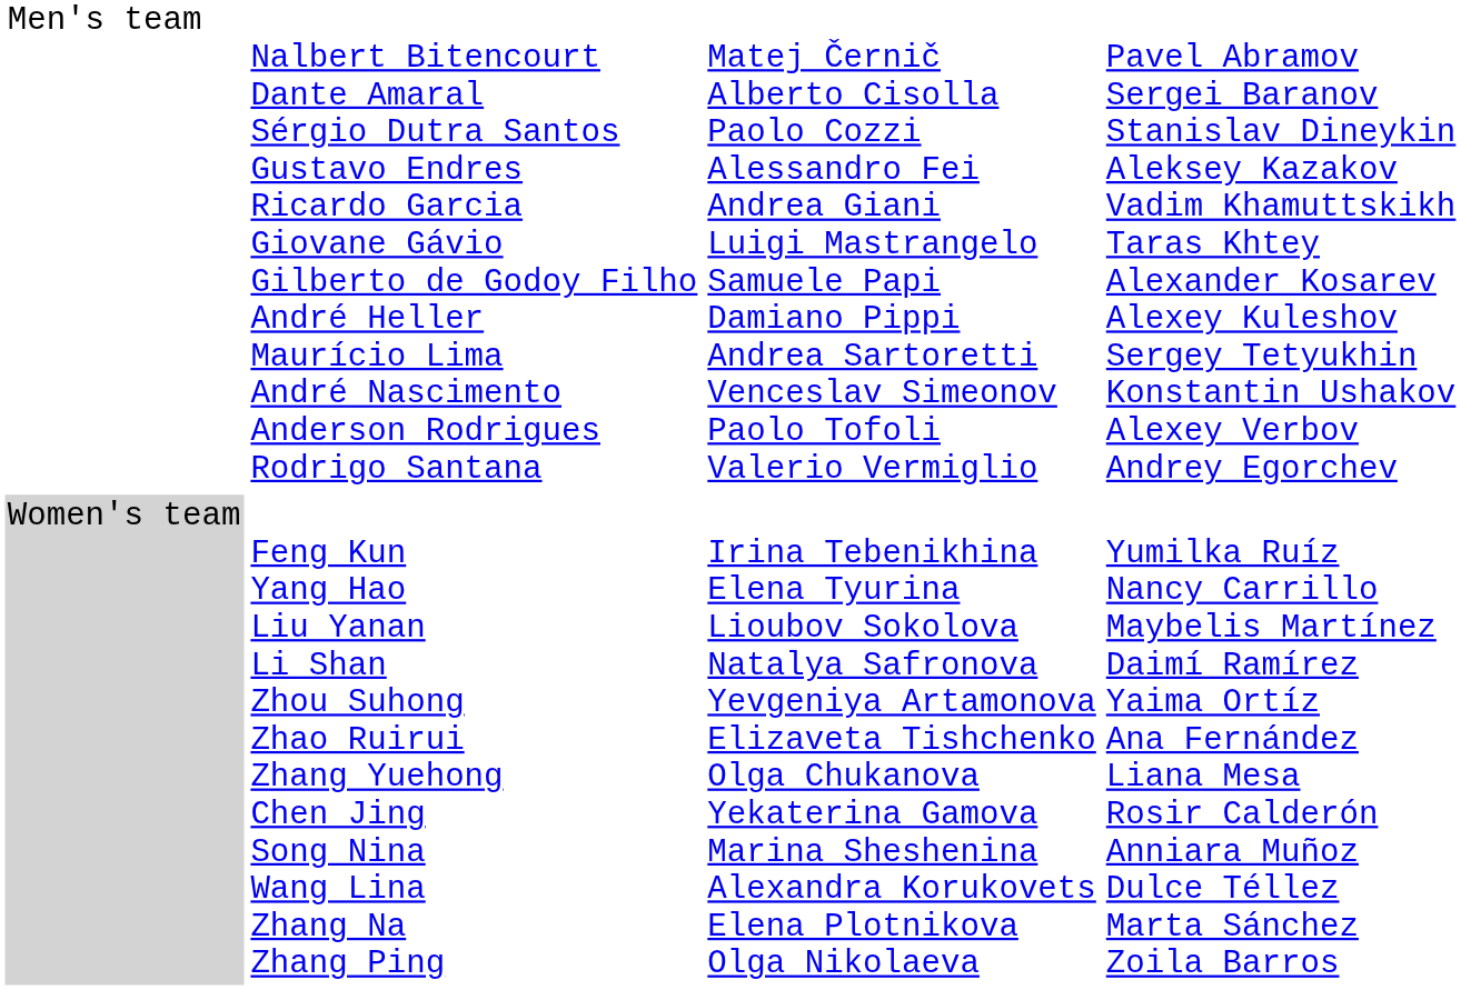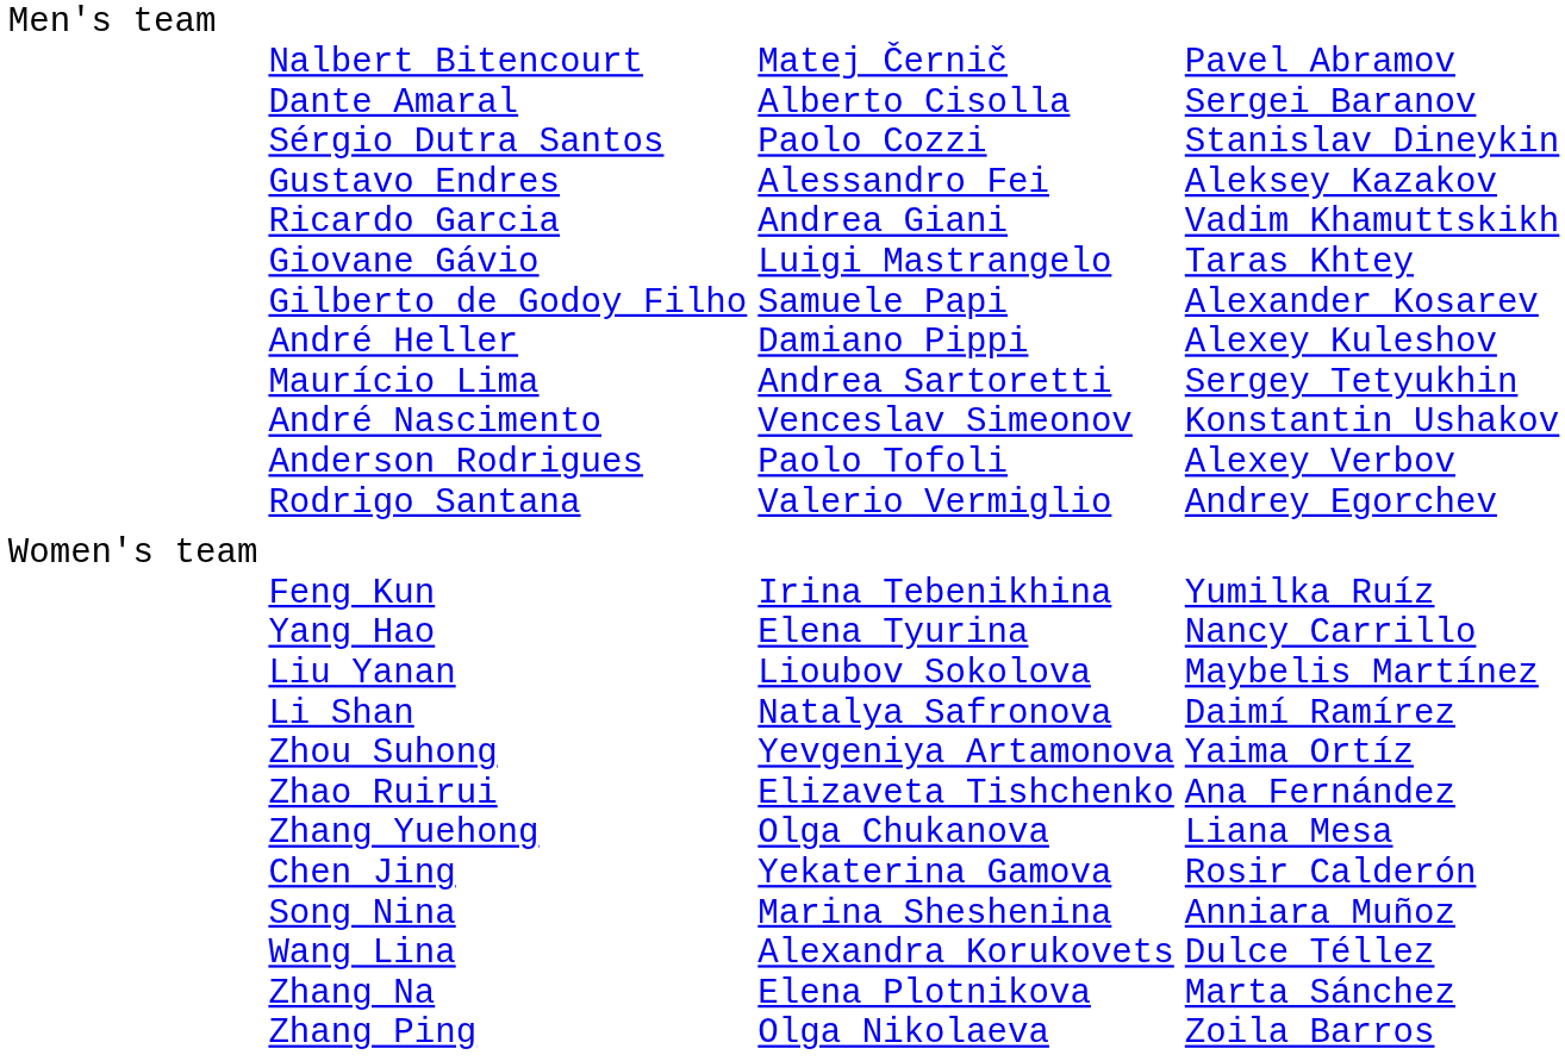 <table>
 <tr valign="top">
 <td>Men's team<br></td>
 <td><br><a href='#'>Nalbert Bitencourt</a><br><a href='#'>Dante Amaral</a><br><a href='#'>Sérgio Dutra Santos</a><br><a href='#'>Gustavo Endres</a><br><a href='#'>Ricardo Garcia</a><br><a href='#'>Giovane Gávio</a><br><a href='#'>Gilberto de Godoy Filho</a><br><a href='#'>André Heller</a><br><a href='#'>Maurício Lima</a><br><a href='#'>André Nascimento</a><br><a href='#'>Anderson Rodrigues</a><br><a href='#'>Rodrigo Santana</a></td>
 <td><br><a href='#'>Matej Černič</a><br><a href='#'>Alberto Cisolla</a><br><a href='#'>Paolo Cozzi</a><br><a href='#'>Alessandro Fei</a><br><a href='#'>Andrea Giani</a><br><a href='#'>Luigi Mastrangelo</a><br><a href='#'>Samuele Papi</a><br><a href='#'>Damiano Pippi</a><br><a href='#'>Andrea Sartoretti</a><br><a href='#'>Venceslav Simeonov</a><br><a href='#'>Paolo Tofoli</a><br><a href='#'>Valerio Vermiglio</a></td>
 <td><br><a href='#'>Pavel Abramov</a><br><a href='#'>Sergei Baranov</a><br><a href='#'>Stanislav Dineykin</a><br><a href='#'>Aleksey Kazakov</a><br><a href='#'>Vadim Khamuttskikh</a><br><a href='#'>Taras Khtey</a><br><a href='#'>Alexander Kosarev</a><br><a href='#'>Alexey Kuleshov</a><br><a href='#'>Sergey Tetyukhin</a><br><a href='#'>Konstantin Ushakov</a><br><a href='#'>Alexey Verbov</a><br><a href='#'>Andrey Egorchev</a></td>
 </tr>
 <tr valign="top">
-<td style="background: lightgrey;">Women's team<br></td>
+<td>Women's team<br></td>
 <td><br><a href='#'>Feng Kun</a><br><a href='#'>Yang Hao</a><br><a href='#'>Liu Yanan</a><br><a href='#'>Li Shan</a><br><a href='#'>Zhou Suhong</a><br><a href='#'>Zhao Ruirui</a><br><a href='#'>Zhang Yuehong</a><br><a href='#'>Chen Jing</a><br><a href='#'>Song Nina</a><br><a href='#'>Wang Lina</a><br><a href='#'>Zhang Na</a><br><a href='#'>Zhang Ping</a></td>
 <td><br><a href='#'>Irina Tebenikhina</a><br><a href='#'>Elena Tyurina</a><br><a href='#'>Lioubov Sokolova</a><br><a href='#'>Natalya Safronova</a><br><a href='#'>Yevgeniya Artamonova</a><br><a href='#'>Elizaveta Tishchenko</a><br><a href='#'>Olga Chukanova</a><br><a href='#'>Yekaterina Gamova</a><br><a href='#'>Marina Sheshenina</a><br><a href='#'>Alexandra Korukovets</a><br><a href='#'>Elena Plotnikova</a><br><a href='#'>Olga Nikolaeva</a></td>
 <td><br><a href='#'>Yumilka Ruíz</a><br><a href='#'>Nancy Carrillo</a><br><a href='#'>Maybelis Martínez</a><br><a href='#'>Daimí Ramírez</a><br><a href='#'>Yaima Ortíz</a><br><a href='#'>Ana Fernández</a><br><a href='#'>Liana Mesa</a><br><a href='#'>Rosir Calderón</a><br><a href='#'>Anniara Muñoz</a><br><a href='#'>Dulce Téllez</a><br><a href='#'>Marta Sánchez</a><br><a href='#'>Zoila Barros</a></td>
 </tr>
 </table>
